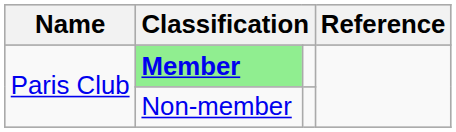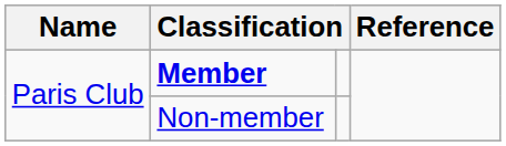 <table class="wikitable sortable" style="text-align:left">
 <tr>
 <th>Name</th>
 <th colspan="2">Classification</th>
 <th>Reference</th>
 </tr>
 <tr>
 <td rowspan="2"><a href='#'>Paris Club</a></td>
-<td style="background: lightgreen;"><a href='#'><strong>Member</strong></a></td>
+<td><a href='#'><strong>Member</strong></a></td>
 <td></td>
 <td rowspan="2"></td>
 </tr>
 <tr>
 <td><a href='#'>Non-member</a></td>
 <td></td>
 </tr>
 </table>
